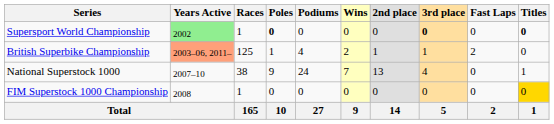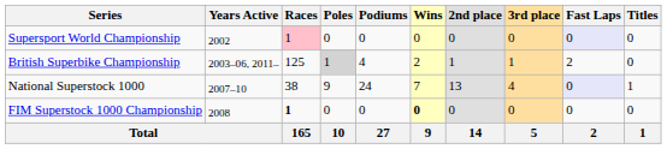 <table class="wikitable">
 <tr>
 <th colspan=2>Series</th>
 <th>Years Active</th>
 <th>Races</th>
 <th>Poles</th>
 <th>Podiums</th>
 <td style="background:#ffffbf;"><strong>Wins</strong></td>
 <td style="background:#DFDFDF;"><strong>2nd place</strong></td>
 <td style="background:#FFDF9F;"><strong>3rd place</strong></td>
 <th>Fast Laps</th>
 <th>Titles</th>
 </tr>
 <tr>
 <td colspan=2><a href='#'>Supersport World Championship</a></td>
-<td style="background: lightgreen;"><sub>2002</sub></td>
-<td>1</td>
-<td><strong>0</strong></td>
+<td><sub>2002</sub></td>
+<td style="background: pink;">1</td>
+<td>0</td>
 <td>0</td>
 <td style="background:#ffffbf;">0</td>
 <td style="background:#DFDFDF;">0</td>
-<td style="background:#FFDF9F;"><strong>0</strong></td>
+<td style="background:#FFDF9F;">0</td>
+<td style="background: lavender;">0</td>
 <td>0</td>
-<td><strong>0</strong></td>
 </tr>
 <tr>
 <td colspan=2><a href='#'>British Superbike Championship</a></td>
-<td style="background: lightsalmon;"><sub>2003–06, 2011–</sub></td>
+<td><sub>2003–06, 2011–</sub></td>
 <td>125</td>
-<td>1</td>
+<td style="background: lightgrey;">1</td>
 <td>4</td>
 <td style="background:#ffffbf;">2</td>
 <td style="background:#DFDFDF;">1</td>
 <td style="background:#FFDF9F;">1</td>
 <td>2</td>
 <td>0</td>
 </tr>
 <tr>
 <td colspan=2>National Superstock 1000</td>
 <td><sub>2007–10</sub></td>
 <td>38</td>
 <td>9</td>
 <td>24</td>
 <td style="background:#ffffbf;">7</td>
 <td style="background:#DFDFDF;">13</td>
 <td style="background:#FFDF9F;">4</td>
-<td>0</td>
+<td style="background: lavender;">0</td>
 <td>1</td>
 </tr>
 <tr>
 <td colspan=2><a href='#'>FIM Superstock 1000 Championship</a></td>
 <td><sub>2008</sub></td>
-<td>1</td>
+<td><strong>1</strong></td>
 <td>0</td>
 <td>0</td>
-<td style="background:#ffffbf;">0</td>
+<td style="background:#ffffbf;"><strong>0</strong></td>
 <td style="background:#DFDFDF;">0</td>
 <td style="background:#FFDF9F;">0</td>
 <td>0</td>
-<td style="background: gold;">0</td>
+<td>0</td>
 </tr>
 <tr>
 <th colspan=3>Total</th>
 <th>165</th>
 <th>10</th>
 <th>27</th>
 <th>9</th>
 <th>14</th>
 <th>5</th>
 <th>2</th>
 <th>1</th>
 </tr>
 </table>
